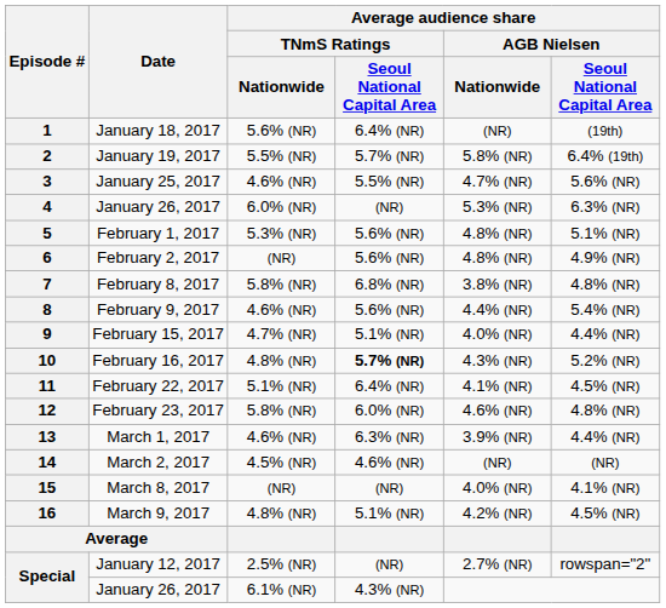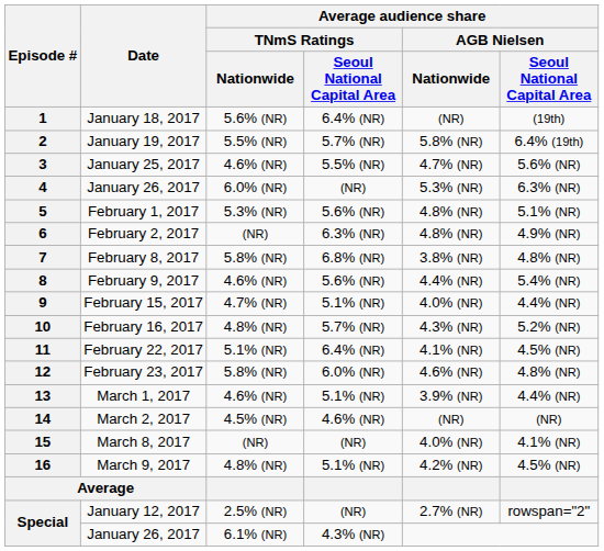 <table class="wikitable" style="text-align:center">
 <tr>
 <th rowspan="3">Episode #</th>
 <th rowspan="3">Date</th>
 <th colspan="4">Average audience share</th>
 </tr>
 <tr>
 <th colspan="2">TNmS Ratings</th>
 <th colspan="2">AGB Nielsen</th>
 </tr>
 <tr>
 <th width="100">Nationwide</th>
 <th width="100"><a href='#'>Seoul National Capital Area</a></th>
 <th width="100">Nationwide</th>
 <th width="100"><a href='#'>Seoul National Capital Area</a></th>
 </tr>
 <tr>
 <th>1</th>
 <td>January 18, 2017</td>
 <td>5.6% <small>(NR)</small></td>
 <td>6.4% <small>(NR)</small></td>
 <td> <small>(NR)</small></td>
 <td> <small>(19th)</small></td>
 </tr>
 <tr>
 <th>2</th>
 <td>January 19, 2017</td>
 <td>5.5% <small>(NR)</small></td>
 <td>5.7% <small>(NR)</small></td>
 <td>5.8% <small>(NR)</small></td>
 <td>6.4% <small>(19th)</small></td>
 </tr>
 <tr>
 <th>3</th>
 <td>January 25, 2017</td>
 <td>4.6% <small>(NR)</small></td>
 <td>5.5% <small>(NR)</small></td>
 <td>4.7% <small>(NR)</small></td>
 <td>5.6% <small>(NR)</small></td>
 </tr>
 <tr>
 <th>4</th>
 <td>January 26, 2017</td>
 <td>6.0% <small>(NR)</small></td>
 <td> <small>(NR)</small></td>
 <td>5.3% <small>(NR)</small></td>
 <td>6.3% <small>(NR)</small></td>
 </tr>
 <tr>
 <th>5</th>
 <td>February 1, 2017</td>
 <td>5.3% <small>(NR)</small></td>
 <td>5.6% <small>(NR)</small></td>
 <td>4.8% <small>(NR)</small></td>
 <td>5.1% <small>(NR)</small></td>
 </tr>
 <tr>
 <th>6</th>
 <td>February 2, 2017</td>
 <td> <small>(NR)</small></td>
-<td>5.6% <small>(NR)</small></td>
+<td>6.3% <small>(NR)</small></td>
 <td>4.8% <small>(NR)</small></td>
 <td>4.9% <small>(NR)</small></td>
 </tr>
 <tr>
 <th>7</th>
 <td>February 8, 2017</td>
 <td>5.8% <small>(NR)</small></td>
 <td>6.8% <small>(NR)</small></td>
 <td>3.8% <small>(NR)</small></td>
 <td>4.8% <small>(NR)</small></td>
 </tr>
 <tr>
 <th>8</th>
 <td>February 9, 2017</td>
 <td>4.6% <small>(NR)</small></td>
 <td>5.6% <small>(NR)</small></td>
 <td>4.4% <small>(NR)</small></td>
 <td>5.4% <small>(NR)</small></td>
 </tr>
 <tr>
 <th>9</th>
 <td>February 15, 2017</td>
 <td>4.7% <small>(NR)</small></td>
 <td>5.1% <small>(NR)</small></td>
 <td>4.0% <small>(NR)</small></td>
 <td>4.4% <small>(NR)</small></td>
 </tr>
 <tr>
 <th>10</th>
 <td>February 16, 2017</td>
 <td>4.8% <small>(NR)</small></td>
-<td><strong>5.7% <small>(NR)</small></strong></td>
+<td>5.7% <small>(NR)</small></td>
 <td>4.3% <small>(NR)</small></td>
 <td>5.2% <small>(NR)</small></td>
 </tr>
 <tr>
 <th>11</th>
 <td>February 22, 2017</td>
 <td>5.1% <small>(NR)</small></td>
 <td>6.4% <small>(NR)</small></td>
 <td>4.1% <small>(NR)</small></td>
 <td>4.5% <small>(NR)</small></td>
 </tr>
 <tr>
 <th>12</th>
 <td>February 23, 2017</td>
 <td>5.8% <small>(NR)</small></td>
 <td>6.0% <small>(NR)</small></td>
 <td>4.6% <small>(NR)</small></td>
 <td>4.8% <small>(NR)</small></td>
 </tr>
 <tr>
 <th>13</th>
 <td>March 1, 2017</td>
 <td>4.6% <small>(NR)</small></td>
-<td>6.3% <small>(NR)</small></td>
+<td>5.1% <small>(NR)</small></td>
 <td>3.9% <small>(NR)</small></td>
 <td>4.4% <small>(NR)</small></td>
 </tr>
 <tr>
 <th>14</th>
 <td>March 2, 2017</td>
 <td>4.5% <small>(NR)</small></td>
 <td>4.6% <small>(NR)</small></td>
 <td> <small>(NR)</small></td>
 <td> <small>(NR)</small></td>
 </tr>
 <tr>
 <th>15</th>
 <td>March 8, 2017</td>
 <td> <small>(NR)</small></td>
 <td> <small>(NR)</small></td>
 <td>4.0% <small>(NR)</small></td>
 <td>4.1% <small>(NR)</small></td>
 </tr>
 <tr>
 <th>16</th>
 <td>March 9, 2017</td>
 <td>4.8% <small>(NR)</small></td>
 <td>5.1% <small>(NR)</small></td>
 <td>4.2% <small>(NR)</small></td>
 <td>4.5% <small>(NR)</small></td>
 </tr>
 <tr>
 <th colspan="2">Average</th>
 <th></th>
 <th></th>
 <th></th>
 <th></th>
 </tr>
 <tr>
 <th rowspan="2">Special</th>
 <td>January 12, 2017</td>
 <td>2.5% <small>(NR)</small></td>
 <td> <small>(NR)</small></td>
 <td>2.7% <small>(NR)</small></td>
 <td>rowspan="2" </td>
 </tr>
 <tr>
 <td>January 26, 2017</td>
 <td>6.1% <small>(NR)</small></td>
 <td>4.3% <small>(NR)</small></td>
 </tr>
 </table>
